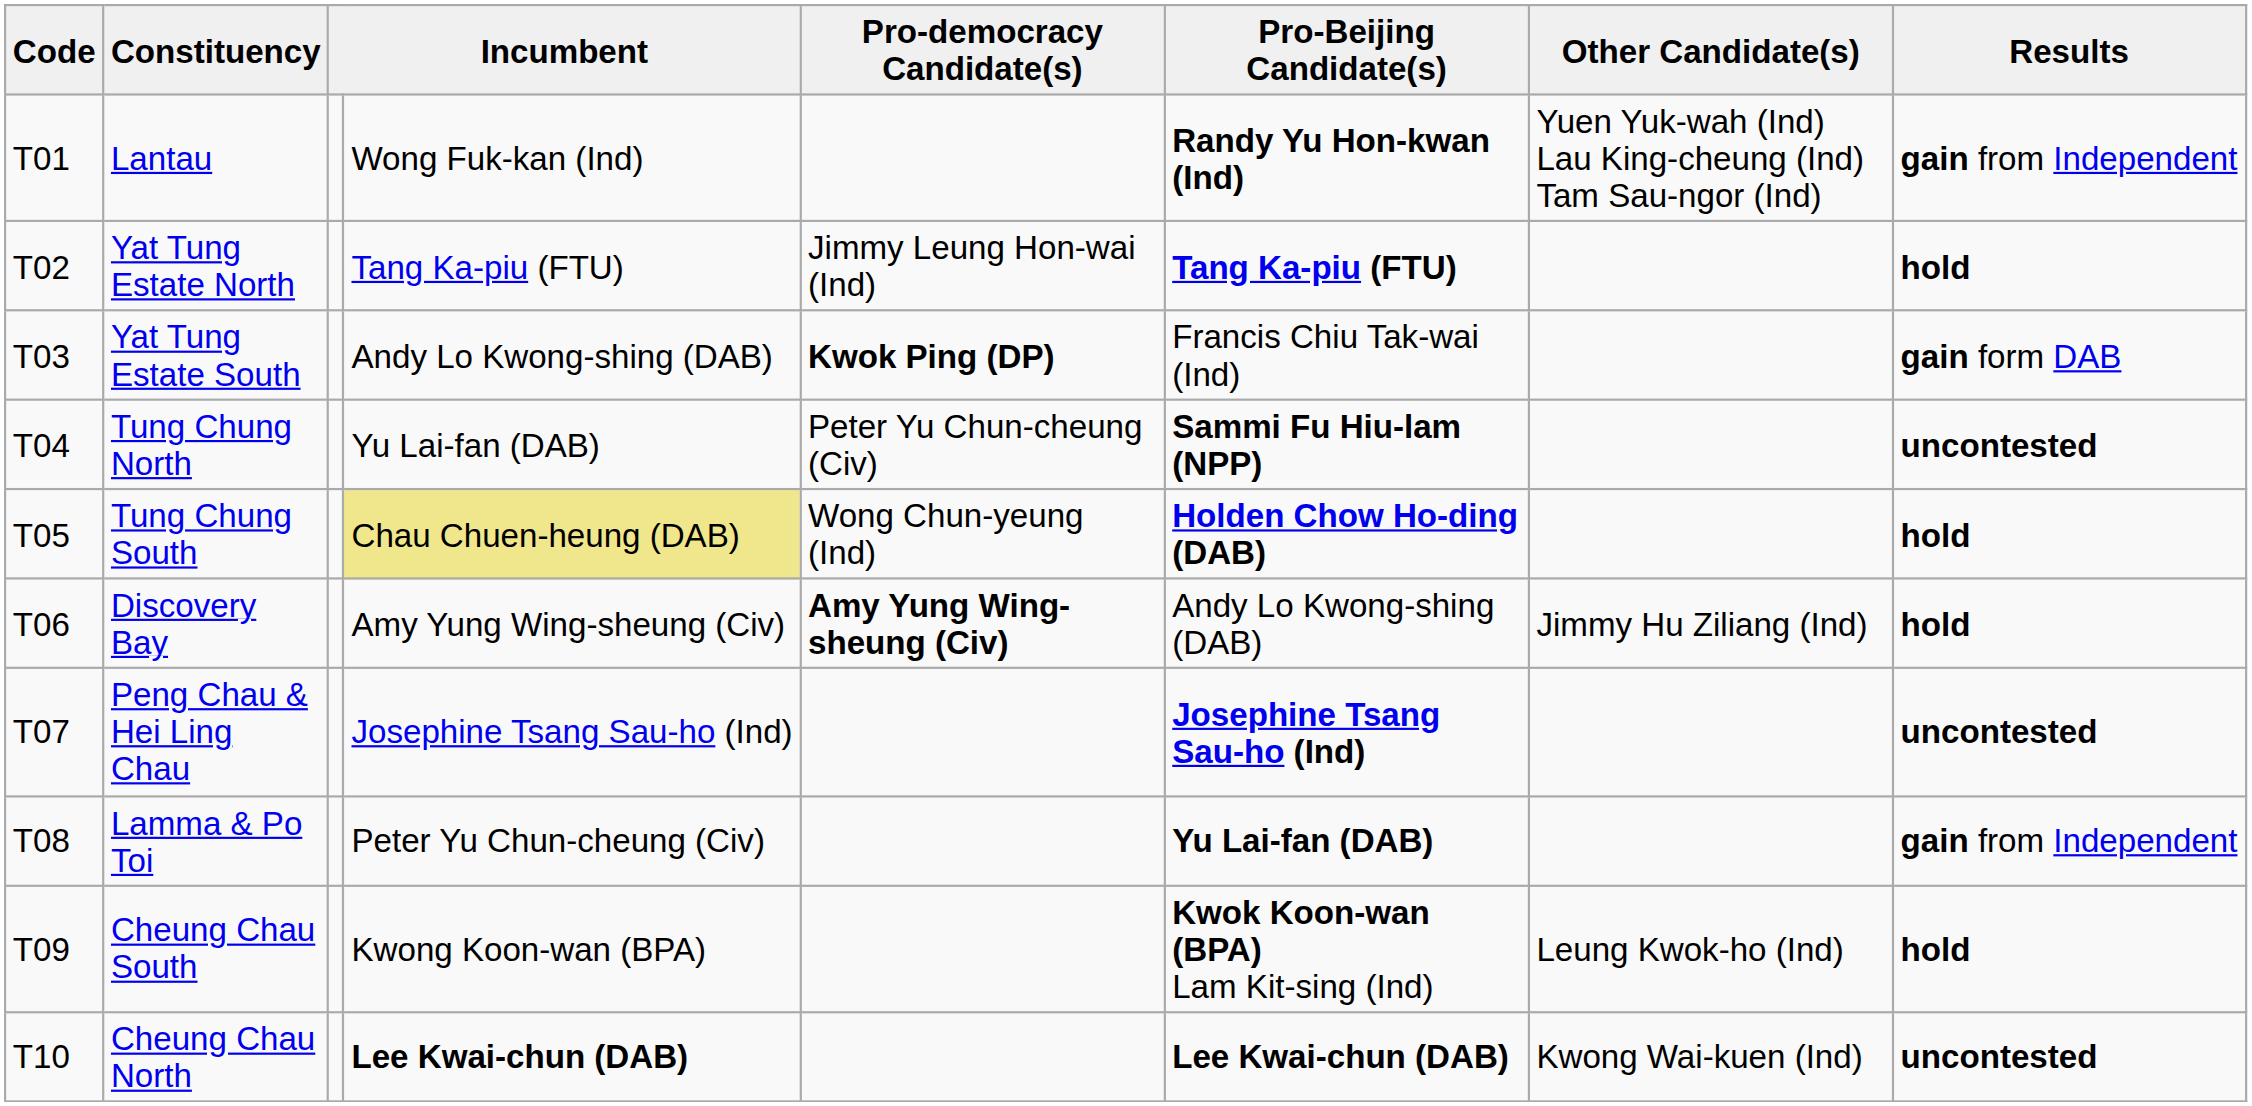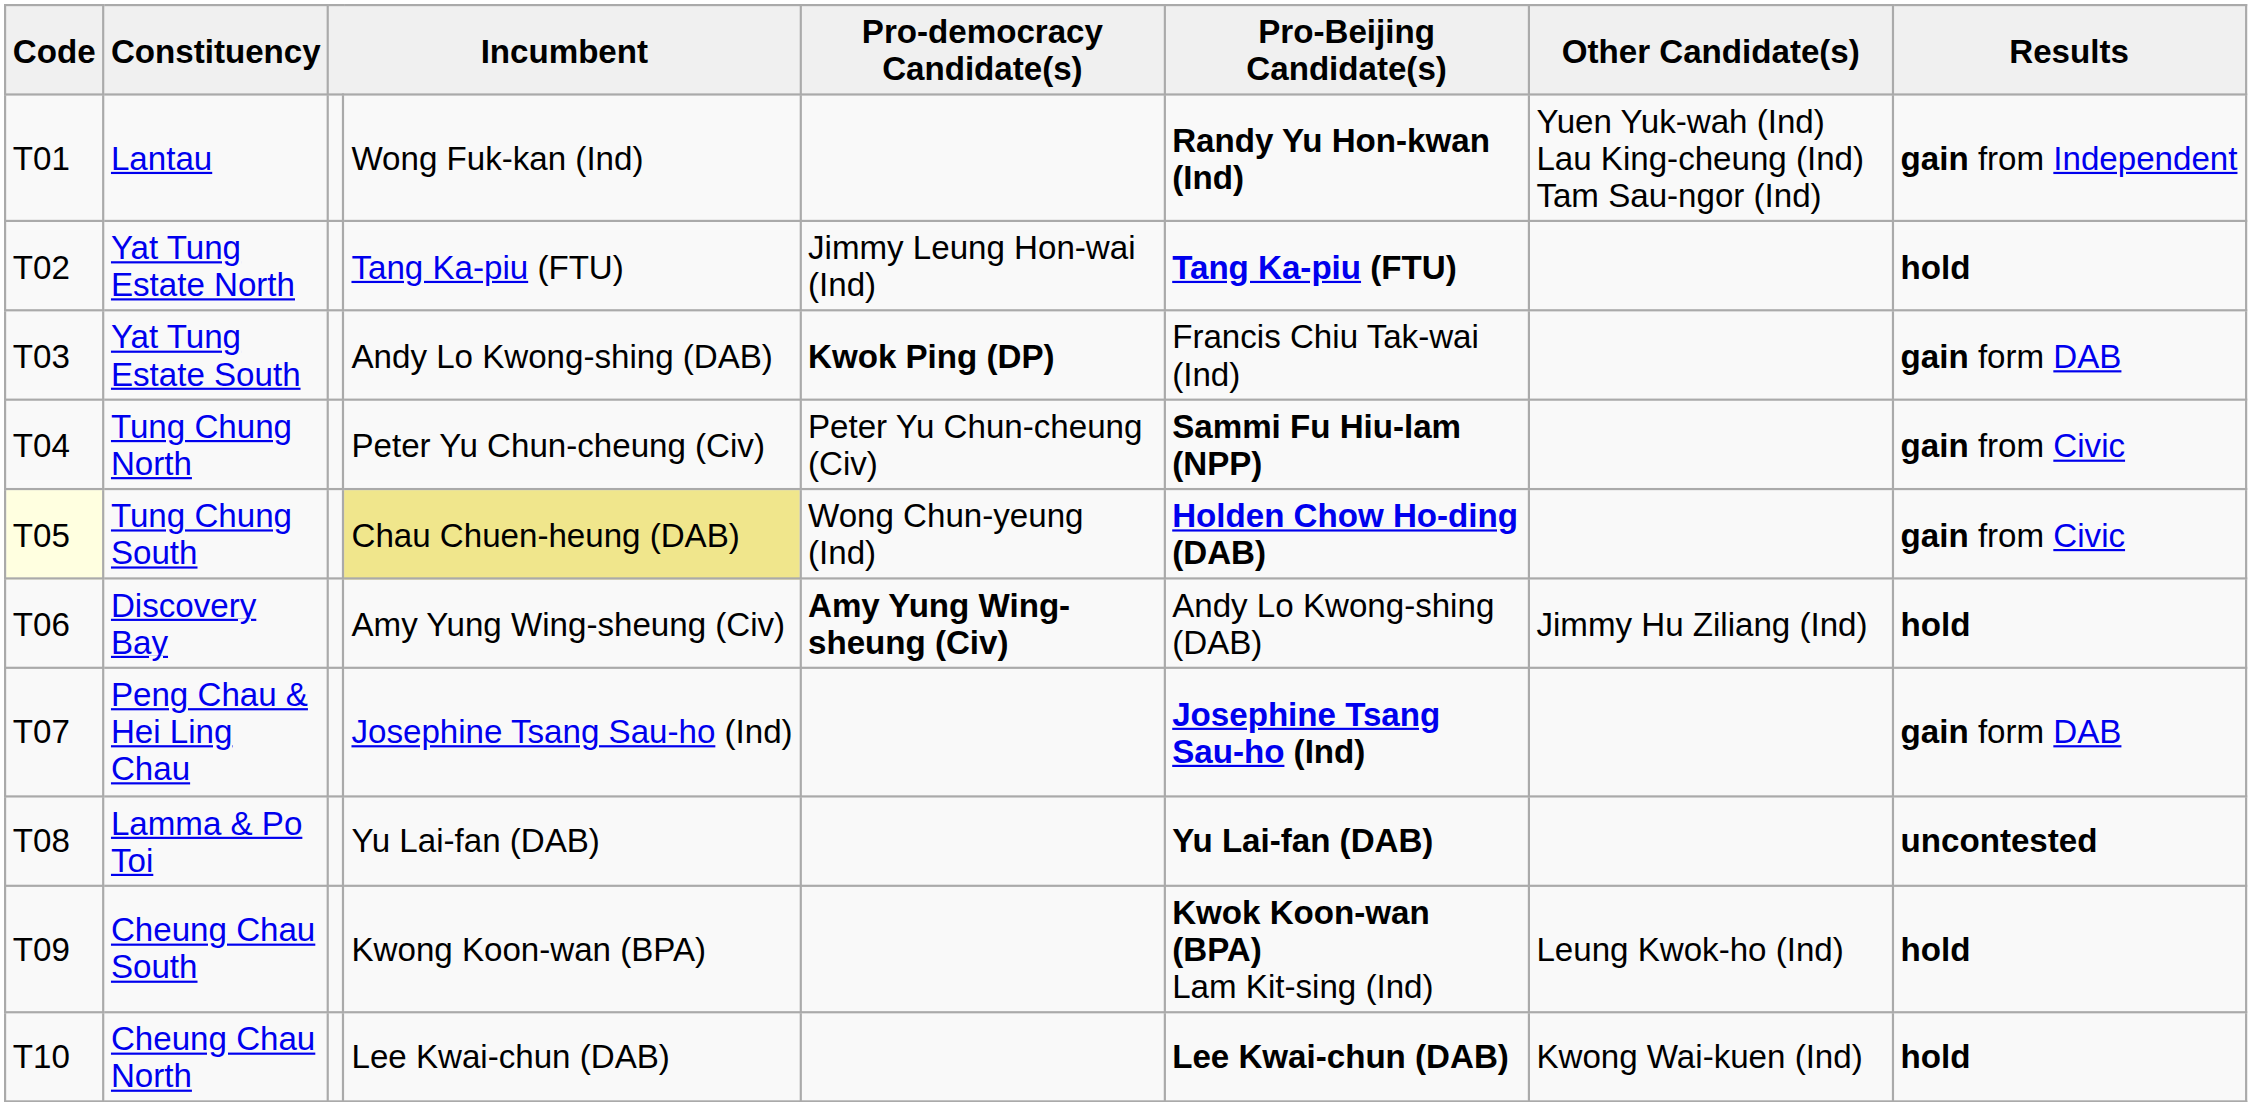 <table class="wikitable sortable" style="font-size: 95%;">
 <tr>
 <th align="center" style="background:#f0f0f0;" width="20px"><strong>Code</strong></th>
 <th align="center" style="background:#f0f0f0;" width="90px"><strong>Constituency</strong></th>
 <th align="center" style="background:#f0f0f0;" width="120px" colspan=2><strong>Incumbent</strong></th>
 <th align="center" style="background:#f0f0f0;" width="160px"><strong>Pro-democracy Candidate(s)</strong></th>
 <th align="center" style="background:#f0f0f0;" width="160px"><strong>Pro-Beijing Candidate(s)</strong></th>
 <th align="center" style="background:#f0f0f0;" width="160px"><strong>Other Candidate(s)</strong></th>
 <th align="center" style="background:#f0f0f0;" width="100px" colspan="2"><strong>Results</strong></th>
 </tr>
 <tr>
 <td>T01</td>
 <td><a href='#'>Lantau</a></td>
 <td></td>
 <td>Wong Fuk-kan (Ind)</td>
 <td></td>
 <td><strong>Randy Yu Hon-kwan (Ind)</strong></td>
 <td>Yuen Yuk-wah (Ind)<br>Lau King-cheung (Ind)<br>Tam Sau-ngor (Ind)</td>
 <td> <strong>gain</strong> from <a href='#'>Independent</a></td>
 </tr>
 <tr>
 <td>T02</td>
 <td><a href='#'>Yat Tung Estate North</a></td>
 <td></td>
 <td><a href='#'>Tang Ka-piu</a> (FTU)</td>
 <td>Jimmy Leung Hon-wai (Ind)</td>
 <td><strong><a href='#'>Tang Ka-piu</a> (FTU)</strong></td>
 <td></td>
 <td> <strong>hold</strong></td>
 </tr>
 <tr>
 <td>T03</td>
 <td><a href='#'>Yat Tung Estate South</a></td>
 <td></td>
 <td>Andy Lo Kwong-shing (DAB)</td>
 <td><strong>Kwok Ping (DP)</strong></td>
 <td>Francis Chiu Tak-wai (Ind)</td>
 <td></td>
 <td> <strong>gain</strong> form <a href='#'>DAB</a></td>
 </tr>
 <tr>
 <td>T04</td>
 <td><a href='#'>Tung Chung North</a></td>
 <td></td>
-<td>Yu Lai-fan (DAB)</td>
+<td>Peter Yu Chun-cheung (Civ)</td>
 <td>Peter Yu Chun-cheung (Civ)</td>
 <td><strong>Sammi Fu Hiu-lam (NPP)</strong></td>
 <td></td>
-<td> <strong>uncontested</strong></td>
+<td> <strong>gain</strong> from <a href='#'>Civic</a></td>
 </tr>
 <tr>
-<td>T05</td>
+<td style="background: lightyellow;">T05</td>
 <td><a href='#'>Tung Chung South</a></td>
 <td></td>
 <td style="background: khaki;">Chau Chuen-heung (DAB)</td>
 <td>Wong Chun-yeung (Ind)</td>
 <td><strong><a href='#'>Holden Chow Ho-ding</a> (DAB)</strong></td>
 <td></td>
-<td> <strong>hold</strong></td>
+<td> <strong>gain</strong> from <a href='#'>Civic</a></td>
 </tr>
 <tr>
 <td>T06</td>
 <td><a href='#'>Discovery Bay</a></td>
 <td></td>
 <td>Amy Yung Wing-sheung (Civ)</td>
 <td><strong>Amy Yung Wing-sheung (Civ)</strong></td>
 <td>Andy Lo Kwong-shing (DAB)</td>
 <td>Jimmy Hu Ziliang (Ind)</td>
 <td> <strong>hold</strong></td>
 </tr>
 <tr>
 <td>T07</td>
 <td><a href='#'>Peng Chau & Hei Ling Chau</a></td>
 <td></td>
 <td><a href='#'>Josephine Tsang Sau-ho</a> (Ind)</td>
 <td></td>
 <td><strong><a href='#'>Josephine Tsang Sau-ho</a> (Ind)</strong></td>
 <td></td>
-<td> <strong>uncontested</strong></td>
+<td> <strong>gain</strong> form <a href='#'>DAB</a></td>
 </tr>
 <tr>
 <td>T08</td>
 <td><a href='#'>Lamma & Po Toi</a></td>
 <td></td>
-<td>Peter Yu Chun-cheung (Civ)</td>
+<td>Yu Lai-fan (DAB)</td>
 <td></td>
 <td><strong>Yu Lai-fan (DAB)</strong></td>
 <td></td>
-<td> <strong>gain</strong> from <a href='#'>Independent</a></td>
+<td> <strong>uncontested</strong></td>
 </tr>
 <tr>
 <td>T09</td>
 <td><a href='#'>Cheung Chau South</a></td>
 <td></td>
 <td>Kwong Koon-wan  (BPA)</td>
 <td></td>
 <td><strong>Kwok Koon-wan (BPA) </strong><br>Lam Kit-sing (Ind)</td>
 <td>Leung Kwok-ho (Ind)</td>
 <td> <strong>hold</strong></td>
 </tr>
 <tr>
 <td>T10</td>
 <td><a href='#'>Cheung Chau North</a></td>
 <td></td>
-<td><strong>Lee Kwai-chun (DAB)</strong></td>
+<td>Lee Kwai-chun (DAB)</td>
 <td></td>
 <td><strong>Lee Kwai-chun (DAB)</strong></td>
 <td>Kwong Wai-kuen (Ind)</td>
-<td> <strong>uncontested</strong></td>
+<td> <strong>hold</strong></td>
 </tr>
 <tr>
 </tr>
 </table>
